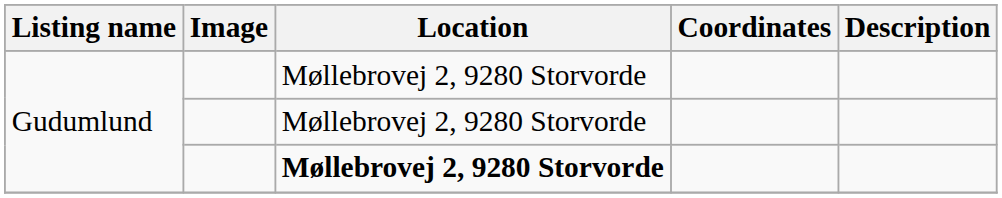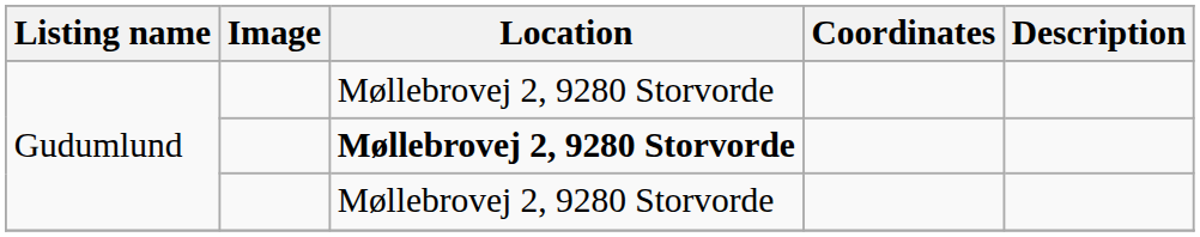 <table class="wikitable sortable">
 <tr>
 <th>Listing name</th>
 <th>Image</th>
 <th>Location</th>
 <th>Coordinates</th>
 <th>Description</th>
 </tr>
 <tr>
 <td rowspan="3">Gudumlund</td>
 <td></td>
 <td>Møllebrovej 2, 9280 Storvorde</td>
 <td></td>
 <td></td>
 </tr>
 <tr>
 <td></td>
-<td>Møllebrovej 2, 9280 Storvorde</td>
+<td><strong>Møllebrovej 2, 9280 Storvorde</strong></td>
 <td></td>
 <td></td>
 </tr>
 <tr>
 <td></td>
-<td><strong>Møllebrovej 2, 9280 Storvorde</strong></td>
+<td>Møllebrovej 2, 9280 Storvorde</td>
 <td></td>
 <td></td>
 </tr>
 <tr>
 </tr>
 </table>
